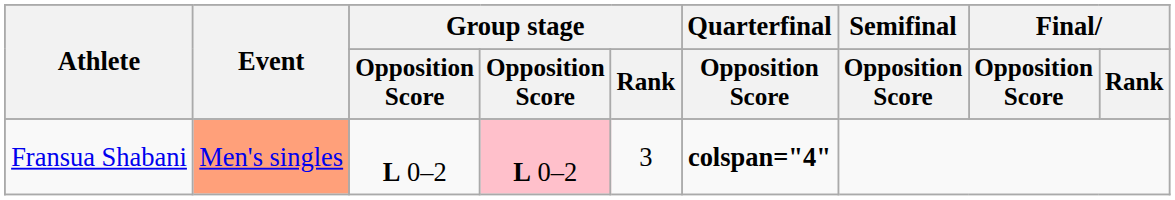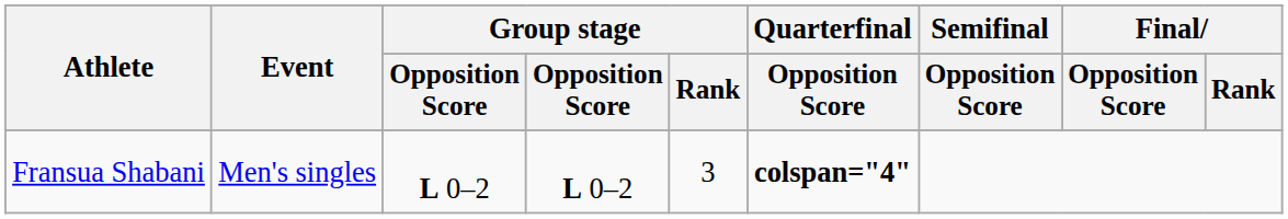 <table class="wikitable" style="font-size:90%; text-align:center">
 <tr>
 <th rowspan="2">Athlete</th>
 <th rowspan="2">Event</th>
 <th colspan="3">Group stage</th>
 <th>Quarterfinal</th>
 <th>Semifinal</th>
 <th colspan="2">Final/</th>
 </tr>
 <tr style="font-size:95%">
 <th>Opposition<br>Score</th>
 <th>Opposition<br>Score</th>
 <th>Rank</th>
 <th>Opposition<br>Score</th>
 <th>Opposition<br>Score</th>
 <th>Opposition<br>Score</th>
 <th>Rank</th>
 </tr>
 <tr>
 <td align="left"><a href='#'>Fransua Shabani</a></td>
-<td align="left" style="background: lightsalmon;"><a href='#'>Men's singles</a></td>
+<td align="left"><a href='#'>Men's singles</a></td>
 <td><br><strong>L</strong> 0–2</td>
-<td style="background: pink;"><br><strong>L</strong> 0–2</td>
+<td><br><strong>L</strong> 0–2</td>
 <td>3</td>
 <td><strong>colspan="4" </strong></td>
 </tr>
 </table>
